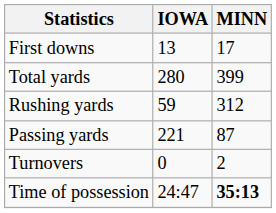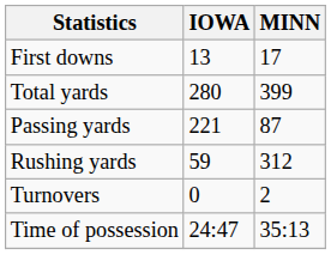 <table class="wikitable">
 <tr>
 <th>Statistics</th>
 <th>IOWA</th>
 <th>MINN</th>
 </tr>
 <tr>
 <td>First downs</td>
 <td>13</td>
 <td>17</td>
 </tr>
 <tr>
 <td>Total yards</td>
 <td>280</td>
 <td>399</td>
 </tr>
 <tr>
+<td>Passing yards</td>
+<td>221</td>
+<td>87</td>
+</tr>
+<tr>
 <td>Rushing yards</td>
 <td>59</td>
 <td>312</td>
-</tr>
-<tr>
-<td>Passing yards</td>
-<td>221</td>
-<td>87</td>
 </tr>
 <tr>
 <td>Turnovers</td>
 <td>0</td>
 <td>2</td>
 </tr>
 <tr>
 <td>Time of possession</td>
 <td>24:47</td>
-<td><strong>35:13</strong></td>
+<td>35:13</td>
 </tr>
 <tr>
 </tr>
 </table>
